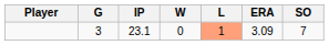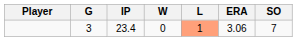 <table class="wikitable sortable">
 <tr>
 <th bgcolor="#DDDDFF" width="16%">Player</th>
 <th bgcolor="#DDDDFF" width="9%">G</th>
 <th bgcolor="#DDDDFF" width="9%">IP</th>
 <th bgcolor="#DDDDFF" width="9%">W</th>
 <th bgcolor="#DDDDFF" width="9%">L</th>
 <th bgcolor="#DDDDFF" width="9%">ERA</th>
 <th bgcolor="#DDDDFF" width="9%">SO</th>
 </tr>
 <tr align="center">
 <td></td>
 <td>3</td>
-<td>23.1</td>
+<td>23.4</td>
 <td>0</td>
 <td style="background: lightsalmon;">1</td>
-<td>3.09</td>
+<td>3.06</td>
 <td>7</td>
 </tr>
 </table>
